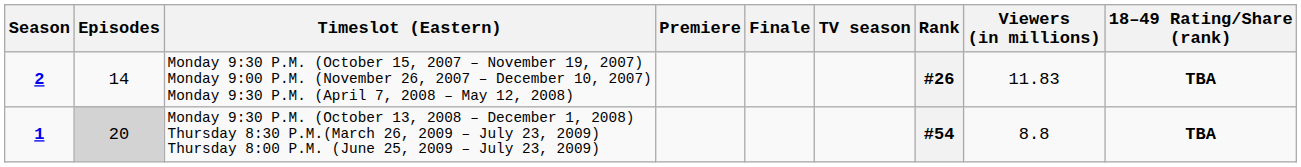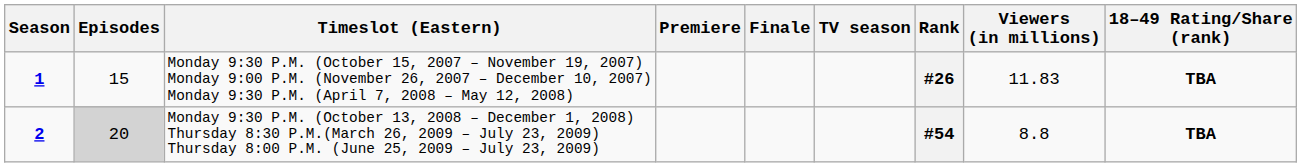 <table class="wikitable">
 <tr style="background:#e0e0e0;">
 <th>Season</th>
 <th>Episodes</th>
 <th>Timeslot (Eastern)</th>
 <th>Premiere</th>
 <th>Finale</th>
 <th>TV season</th>
 <th>Rank</th>
 <th>Viewers<br>(in millions)</th>
 <th>18–49 Rating/Share<br> (rank)</th>
 </tr>
 <tr style="background:#f9f9f9;">
-<th style="background:#F9F9F9;text-align:center"><strong><a href='#'>2</a></strong></th>
-<td style="text-align:center">14</td>
+<th style="background:#F9F9F9;text-align:center"><strong><a href='#'>1</a></strong></th>
+<td style="text-align:center">15</td>
 <th style="background:#F9F9F9;font-size:11px;font-weight:normal;text-align:left;line-height:110%">Monday 9:30 P.M. (October 15, 2007 – November 19, 2007) <br>Monday 9:00 P.M. (November 26, 2007 – December 10, 2007)<br>Monday 9:30 P.M. (April 7, 2008 – May 12, 2008)</th>
 <td></td>
 <td></td>
 <td style="font-size:11px;text-align:center"></td>
 <th style="text-align:center">#26</th>
 <td style="text-align:center">11.83</td>
 <td style="text-align:center"><strong>TBA</strong></td>
 </tr>
 <tr>
-<th style="background:#F9F9F9;text-align:center"><strong><a href='#'>1</a></strong></th>
+<th style="background:#F9F9F9;text-align:center"><strong><a href='#'>2</a></strong></th>
 <td style="background: lightgrey; text-align:center">20</td>
 <th style="background:#F9F9F9;font-size:11px;font-weight:normal;text-align:left;line-height:110%">Monday 9:30 P.M. (October 13, 2008 – December 1, 2008) <br> Thursday 8:30 P.M.(March 26, 2009 – July 23, 2009) <br> Thursday 8:00 P.M. (June 25, 2009 – July 23, 2009)</th>
 <td></td>
 <td style="text-align:center;"></td>
 <td style="font-size:11px;text-align:center"></td>
 <th style="text-align:center">#54</th>
 <td style="text-align:center">8.8</td>
 <td style="text-align:center"><strong>TBA</strong></td>
 </tr>
 </table>
